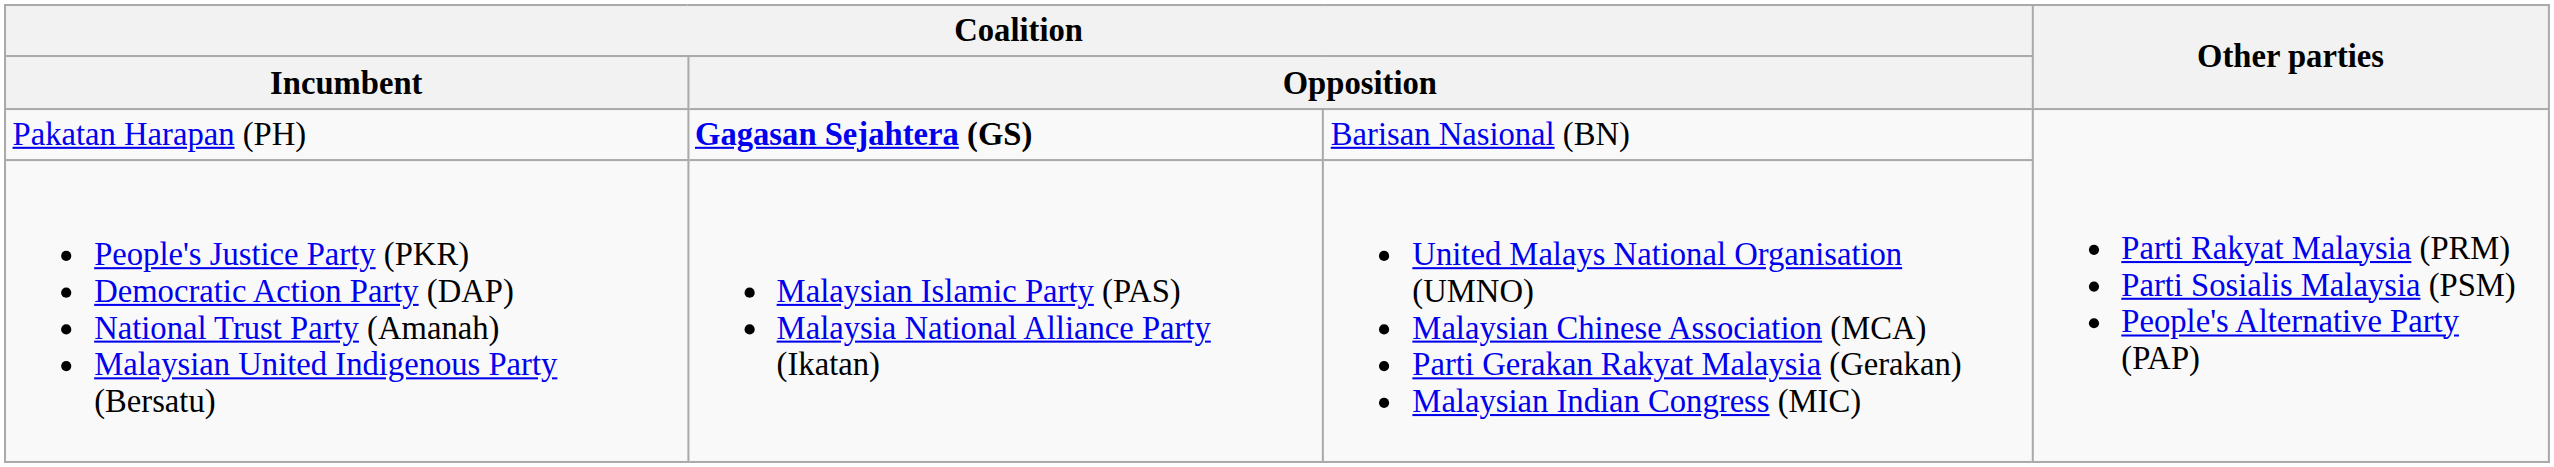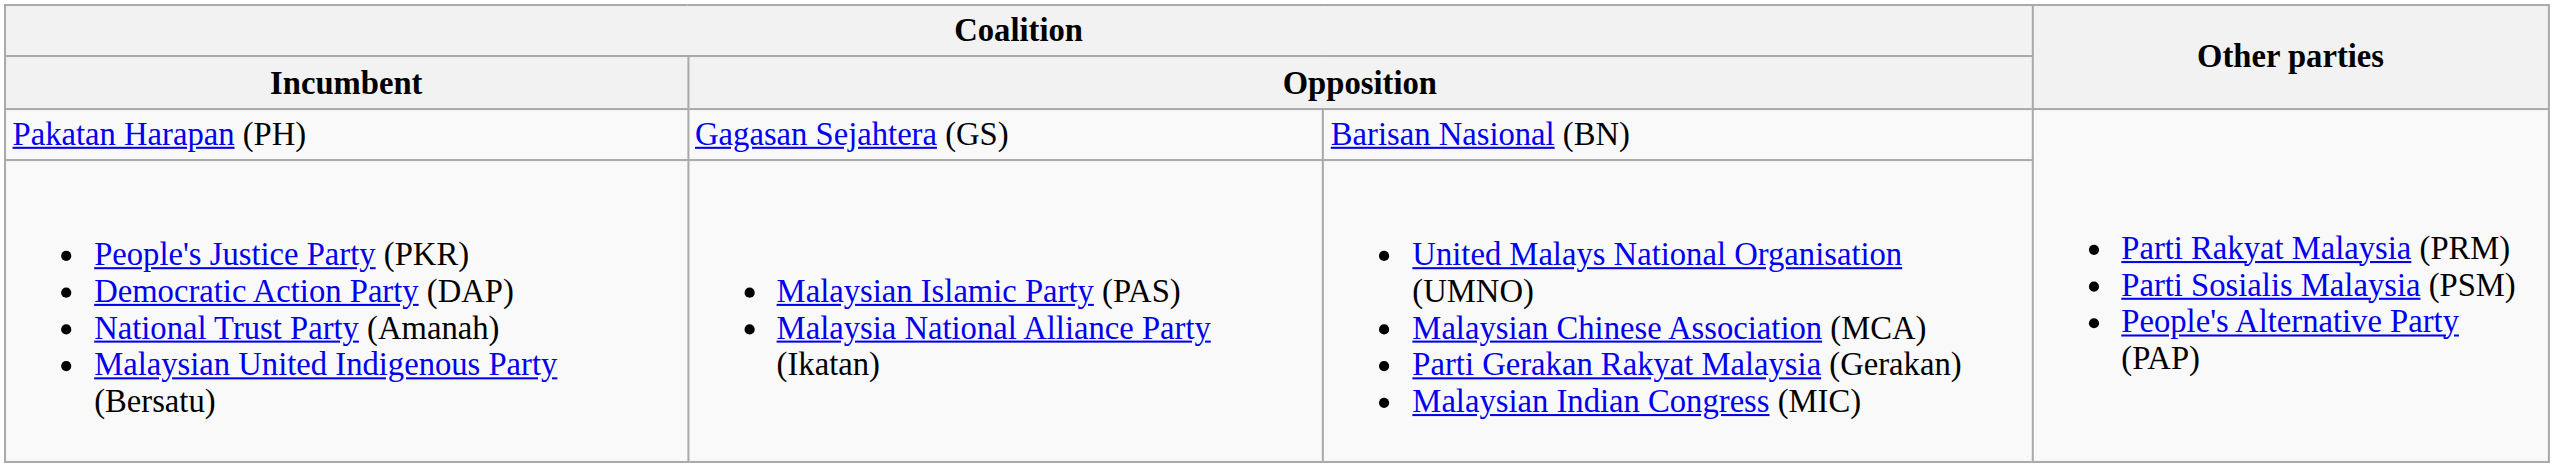 <table class="wikitable">
 <tr>
 <th colspan="3">Coalition</th>
 <th rowspan="2">Other parties</th>
 </tr>
 <tr>
 <th>Incumbent</th>
 <th colspan="2">Opposition</th>
 </tr>
 <tr>
 <td> <a href='#'>Pakatan Harapan</a> (PH)</td>
-<td><strong> <a href='#'>Gagasan Sejahtera</a> (GS)</strong></td>
+<td> <a href='#'>Gagasan Sejahtera</a> (GS)</td>
 <td><a href='#'>Barisan Nasional</a> (BN)</td>
 <td rowspan="2"><br><ul><li> <a href='#'>Parti Rakyat Malaysia</a> (PRM)</li><li> <a href='#'>Parti Sosialis Malaysia</a> (PSM)</li><li><a href='#'>People's Alternative Party</a> (PAP)</li></ul></td>
 </tr>
 <tr>
 <td><br><ul><li> <a href='#'>People's Justice Party</a> (PKR)</li><li> <a href='#'>Democratic Action Party</a> (DAP)</li><li> <a href='#'>National Trust Party</a> (Amanah)</li><li><a href='#'>Malaysian United Indigenous Party</a> (Bersatu)</li></ul></td>
 <td><br><ul><li> <a href='#'>Malaysian Islamic Party</a> (PAS)</li><li> <a href='#'>Malaysia National Alliance Party</a> (Ikatan)</li></ul></td>
 <td><br><ul><li> <a href='#'>United Malays National Organisation</a> (UMNO)</li><li> <a href='#'>Malaysian Chinese Association</a> (MCA)</li><li> <a href='#'>Parti Gerakan Rakyat Malaysia</a> (Gerakan)</li><li> <a href='#'>Malaysian Indian Congress</a> (MIC)</li></ul></td>
 </tr>
 </table>
